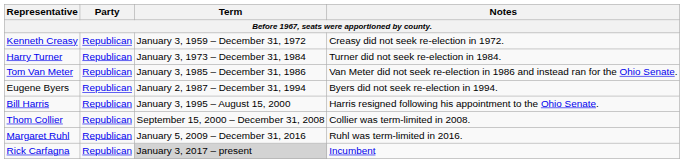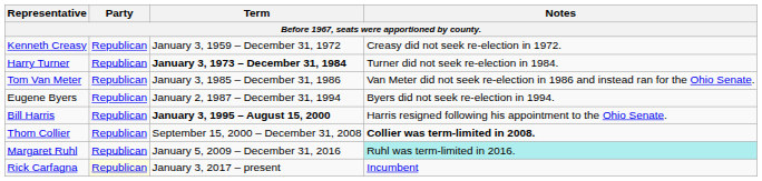 <table class=wikitable>
 <tr valign=bottom>
 <th>Representative</th>
 <th>Party</th>
 <th>Term</th>
 <th>Notes</th>
 </tr>
 <tr>
 <th colspan=5 style="font-size: 80%;"><em>Before 1967, seats were apportioned by county.</em></th>
 </tr>
 <tr>
 <td><a href='#'>Kenneth Creasy</a></td>
 <td><a href='#'>Republican</a></td>
 <td>January 3, 1959 – December 31, 1972</td>
 <td>Creasy did not seek re-election in 1972.</td>
 </tr>
 <tr>
 <td><a href='#'>Harry Turner</a></td>
 <td><a href='#'>Republican</a></td>
-<td>January 3, 1973 – December 31, 1984</td>
+<td><strong>January 3, 1973 – December 31, 1984</strong></td>
 <td>Turner did not seek re-election in 1984.</td>
 </tr>
 <tr>
 <td><a href='#'>Tom Van Meter</a></td>
 <td><a href='#'>Republican</a></td>
 <td>January 3, 1985 – December 31, 1986</td>
 <td>Van Meter did not seek re-election in 1986 and instead ran for the <a href='#'>Ohio Senate</a>.</td>
 </tr>
 <tr>
 <td>Eugene Byers</td>
 <td><a href='#'>Republican</a></td>
 <td>January 2, 1987 – December 31, 1994</td>
 <td>Byers did not seek re-election in 1994.</td>
 </tr>
 <tr>
 <td><a href='#'>Bill Harris</a></td>
 <td><a href='#'>Republican</a></td>
-<td>January 3, 1995 – August 15, 2000</td>
+<td><strong>January 3, 1995 – August 15, 2000</strong></td>
 <td>Harris resigned following his appointment to the <a href='#'>Ohio Senate</a>.</td>
 </tr>
 <tr>
 <td><a href='#'>Thom Collier</a></td>
 <td><a href='#'>Republican</a></td>
 <td>September 15, 2000 – December 31, 2008</td>
-<td>Collier was term-limited in 2008.</td>
+<td><strong>Collier was term-limited in 2008.</strong></td>
 </tr>
 <tr>
 <td><a href='#'>Margaret Ruhl</a></td>
 <td><a href='#'>Republican</a></td>
 <td>January 5, 2009 – December 31, 2016</td>
-<td>Ruhl was term-limited in 2016.</td>
+<td style="background: paleturquoise;">Ruhl was term-limited in 2016.</td>
 </tr>
 <tr>
 <td><a href='#'>Rick Carfagna</a></td>
-<td><a href='#'>Republican</a></td>
-<td style="background: lightgrey;">January 3, 2017 – present</td>
+<td style="background: lightyellow;"><a href='#'>Republican</a></td>
+<td>January 3, 2017 – present</td>
 <td><a href='#'>Incumbent</a></td>
 </tr>
 </table>
